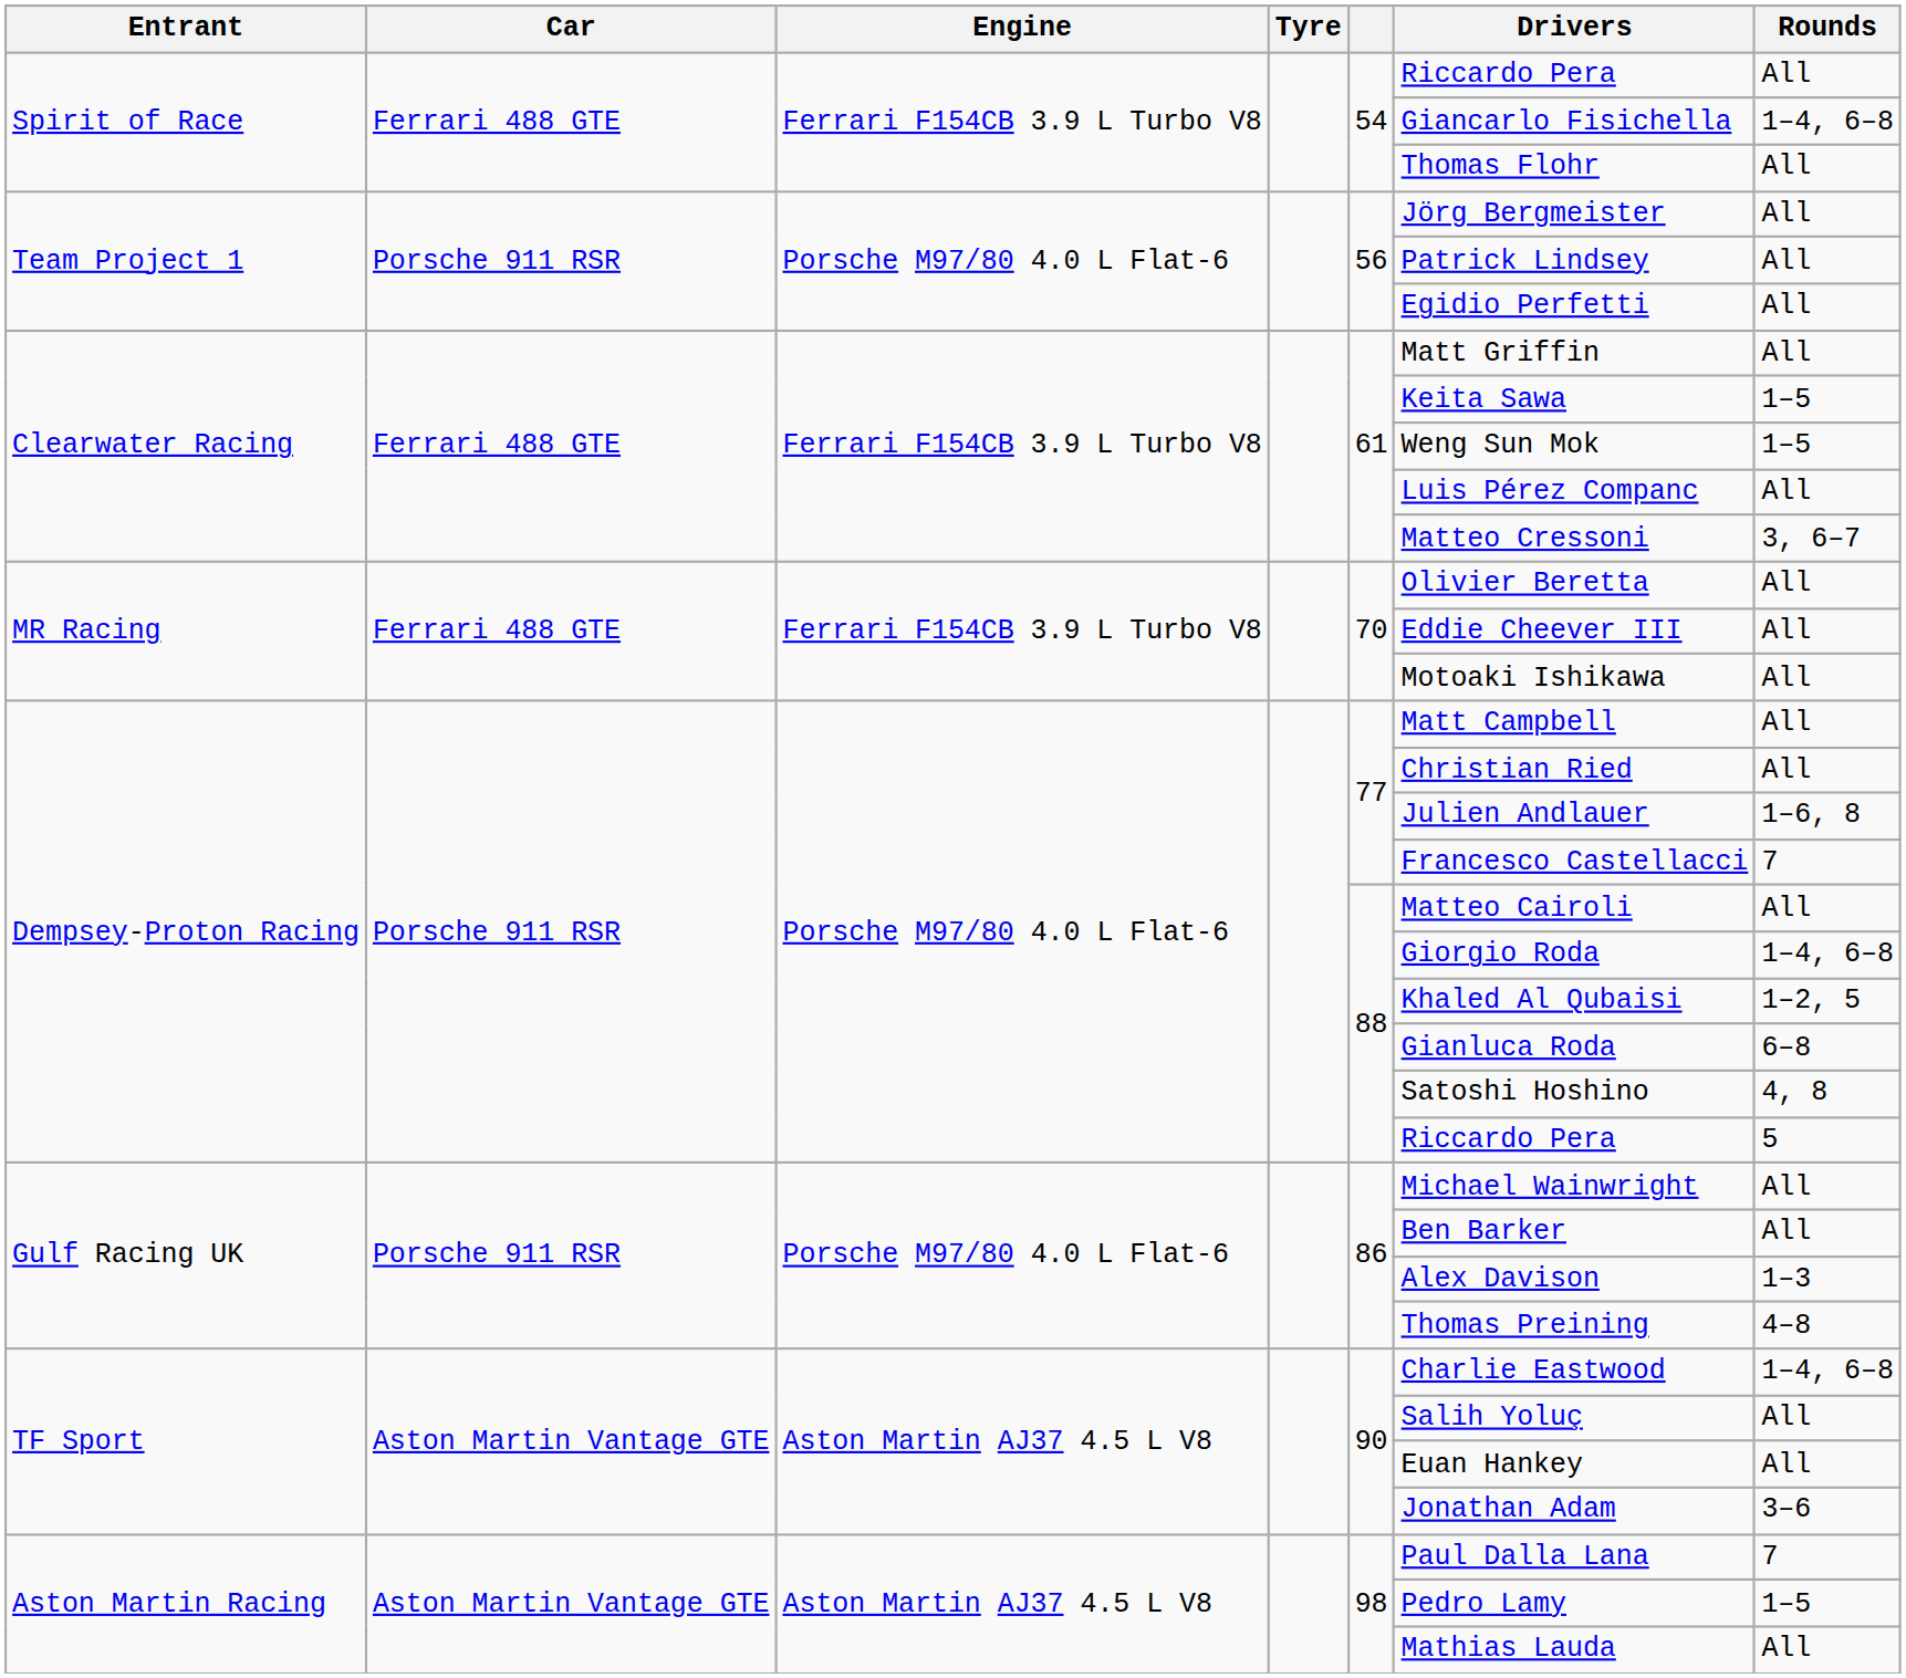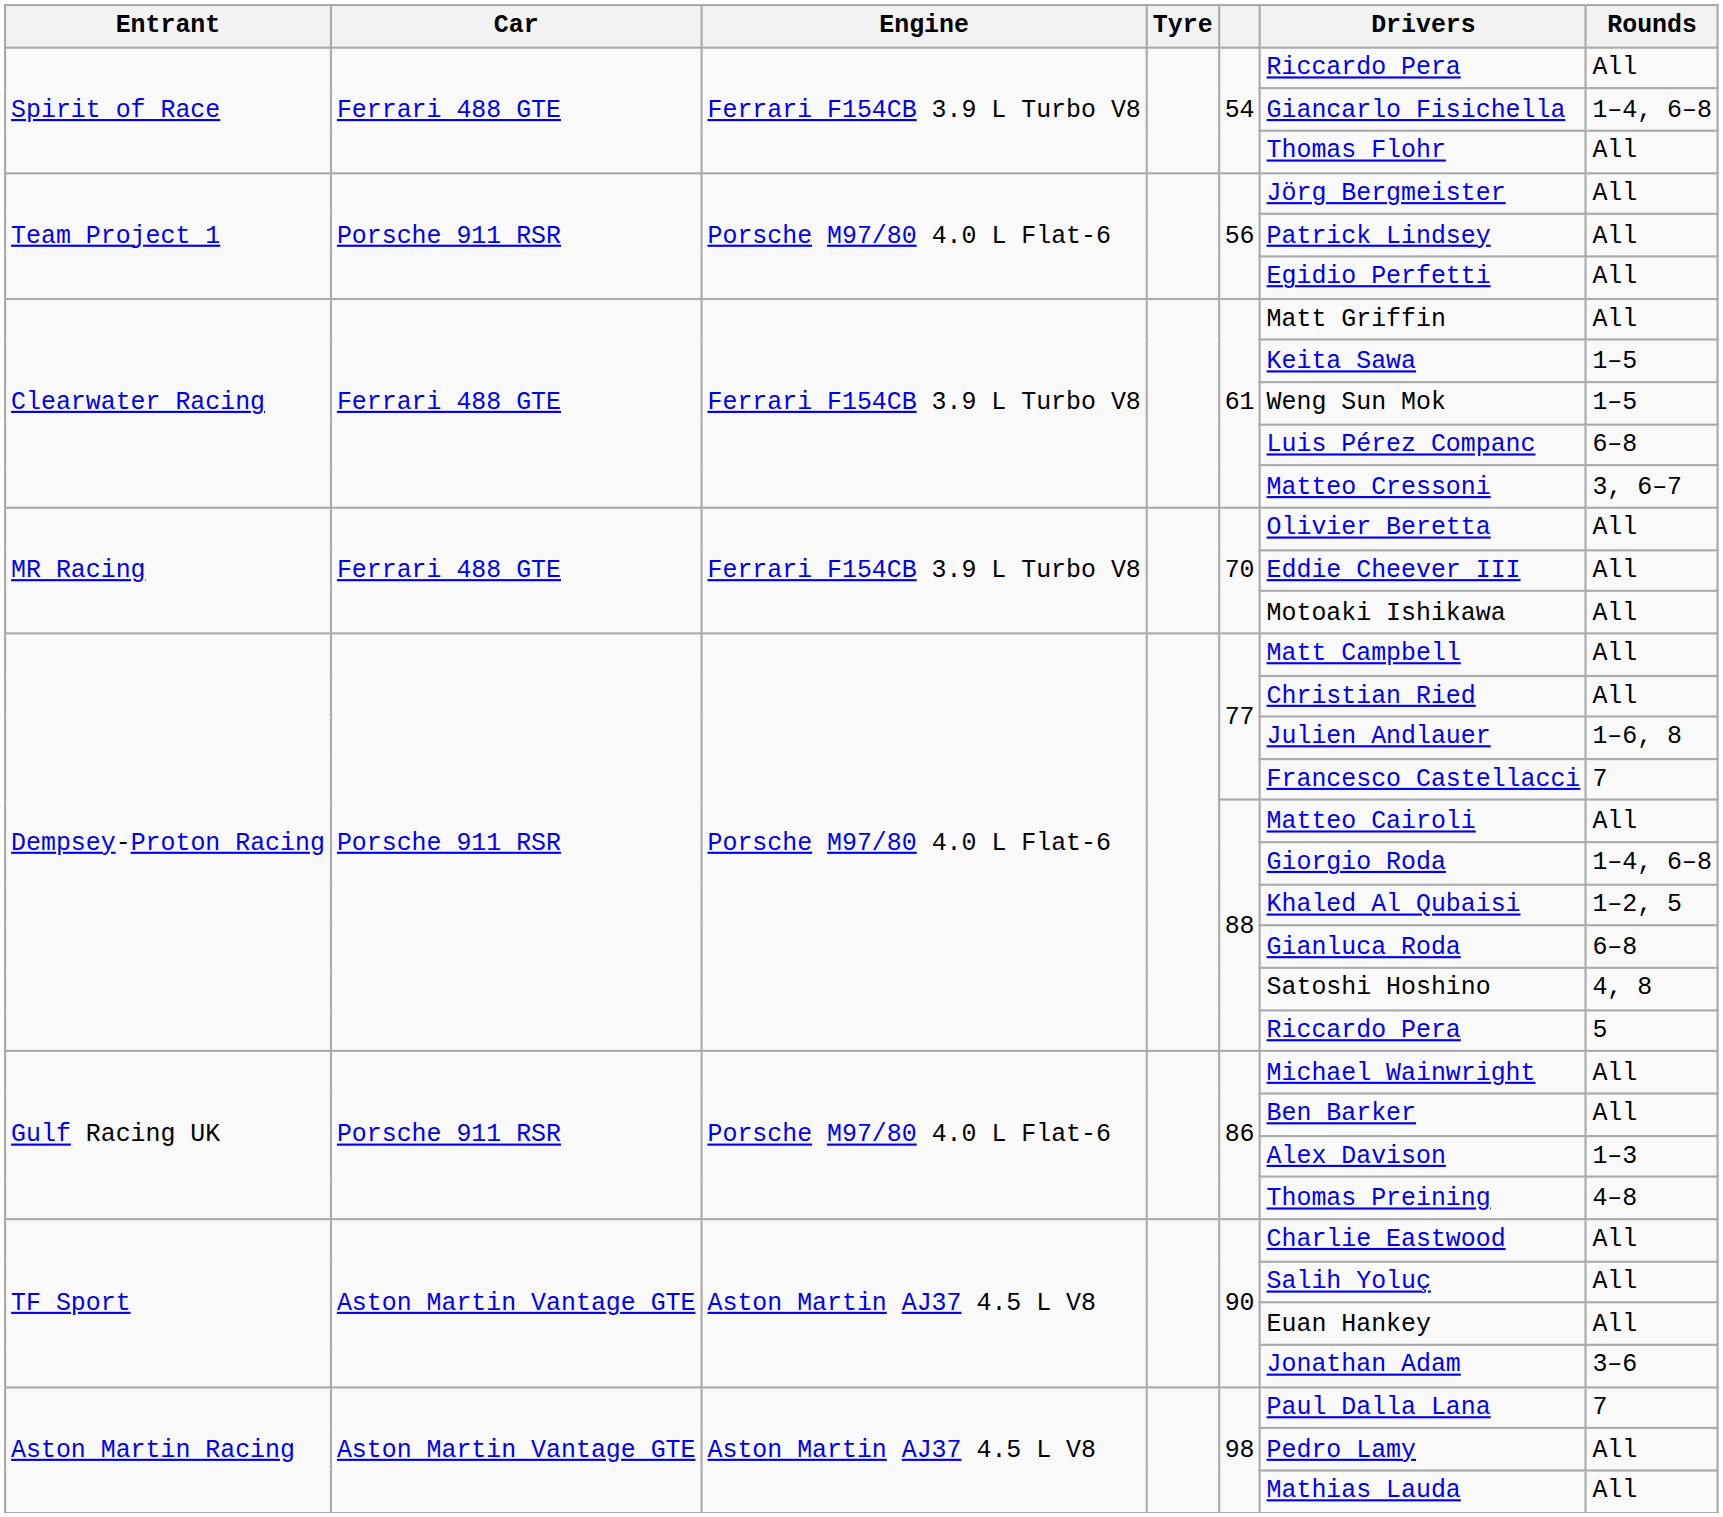 <table class="wikitable" style="font-size: 90%">
 <tr>
 <th>Entrant</th>
 <th>Car</th>
 <th>Engine</th>
 <th>Tyre</th>
 <th></th>
 <th>Drivers</th>
 <th>Rounds</th>
 </tr>
 <tr>
 <td rowspan=3> <a href='#'>Spirit of Race</a></td>
 <td rowspan=3><a href='#'>Ferrari 488 GTE</a></td>
 <td rowspan=3><a href='#'>Ferrari F154CB</a> 3.9 L Turbo V8</td>
 <td rowspan=3></td>
 <td rowspan=3>54</td>
 <td> <a href='#'>Riccardo Pera</a></td>
 <td>All</td>
 </tr>
 <tr>
 <td> <a href='#'>Giancarlo Fisichella</a></td>
 <td>1–4, 6–8</td>
 </tr>
 <tr>
 <td> <a href='#'>Thomas Flohr</a></td>
 <td>All</td>
 </tr>
 <tr>
 <td rowspan=3> <a href='#'>Team Project 1</a></td>
 <td rowspan=3><a href='#'>Porsche 911 RSR</a></td>
 <td rowspan=3><a href='#'>Porsche</a> <a href='#'>M97/80</a> 4.0 L Flat-6</td>
 <td rowspan=3></td>
 <td rowspan=3>56</td>
 <td> <a href='#'>Jörg Bergmeister</a></td>
 <td>All</td>
 </tr>
 <tr>
 <td> <a href='#'>Patrick Lindsey</a></td>
 <td>All</td>
 </tr>
 <tr>
 <td> <a href='#'>Egidio Perfetti</a></td>
 <td>All</td>
 </tr>
 <tr>
 <td rowspan=5> <a href='#'>Clearwater Racing</a></td>
 <td rowspan=5><a href='#'>Ferrari 488 GTE</a></td>
 <td rowspan=5><a href='#'>Ferrari F154CB</a> 3.9 L Turbo V8</td>
 <td rowspan=5></td>
 <td rowspan=5>61</td>
 <td> Matt Griffin</td>
 <td>All</td>
 </tr>
 <tr>
 <td> <a href='#'>Keita Sawa</a></td>
 <td>1–5</td>
 </tr>
 <tr>
 <td> Weng Sun Mok</td>
 <td>1–5</td>
 </tr>
 <tr>
 <td> <a href='#'>Luis Pérez Companc</a></td>
-<td>All</td>
+<td>6–8</td>
 </tr>
 <tr>
 <td> <a href='#'>Matteo Cressoni</a></td>
 <td>3, 6–7</td>
 </tr>
 <tr>
 <td rowspan=3> <a href='#'>MR Racing</a></td>
 <td rowspan=3><a href='#'>Ferrari 488 GTE</a></td>
 <td rowspan=3><a href='#'>Ferrari F154CB</a> 3.9 L Turbo V8</td>
 <td rowspan=3></td>
 <td rowspan=3>70</td>
 <td> <a href='#'>Olivier Beretta</a></td>
 <td>All</td>
 </tr>
 <tr>
 <td> <a href='#'>Eddie Cheever III</a></td>
 <td>All</td>
 </tr>
 <tr>
 <td> Motoaki Ishikawa</td>
 <td>All</td>
 </tr>
 <tr>
 <td rowspan=10> <a href='#'>Dempsey</a>-<a href='#'>Proton Racing</a></td>
 <td rowspan=10><a href='#'>Porsche 911 RSR</a></td>
 <td rowspan=10><a href='#'>Porsche</a> <a href='#'>M97/80</a> 4.0 L Flat-6</td>
 <td rowspan=10></td>
 <td rowspan=4>77</td>
 <td> <a href='#'>Matt Campbell</a></td>
 <td>All</td>
 </tr>
 <tr>
 <td> <a href='#'>Christian Ried</a></td>
 <td>All</td>
 </tr>
 <tr>
 <td> <a href='#'>Julien Andlauer</a></td>
 <td>1–6, 8</td>
 </tr>
 <tr>
 <td> <a href='#'>Francesco Castellacci</a></td>
 <td>7</td>
 </tr>
 <tr>
 <td rowspan=6>88</td>
 <td> <a href='#'>Matteo Cairoli</a></td>
 <td>All</td>
 </tr>
 <tr>
 <td> <a href='#'>Giorgio Roda</a></td>
 <td>1–4, 6–8</td>
 </tr>
 <tr>
 <td> <a href='#'>Khaled Al Qubaisi</a></td>
 <td>1–2, 5</td>
 </tr>
 <tr>
 <td> <a href='#'>Gianluca Roda</a></td>
 <td>6–8</td>
 </tr>
 <tr>
 <td> Satoshi Hoshino</td>
 <td>4, 8</td>
 </tr>
 <tr>
 <td> <a href='#'>Riccardo Pera</a></td>
 <td>5</td>
 </tr>
 <tr>
 <td rowspan=4> <a href='#'>Gulf</a> Racing UK</td>
 <td rowspan=4><a href='#'>Porsche 911 RSR</a></td>
 <td rowspan=4><a href='#'>Porsche</a> <a href='#'>M97/80</a> 4.0 L Flat-6</td>
 <td rowspan=4></td>
 <td rowspan=4>86</td>
 <td> <a href='#'>Michael Wainwright</a></td>
 <td>All</td>
 </tr>
 <tr>
 <td> <a href='#'>Ben Barker</a></td>
 <td>All</td>
 </tr>
 <tr>
 <td> <a href='#'>Alex Davison</a></td>
 <td>1–3</td>
 </tr>
 <tr>
 <td> <a href='#'>Thomas Preining</a></td>
 <td>4–8</td>
 </tr>
 <tr>
 <td rowspan=4> <a href='#'>TF Sport</a></td>
 <td rowspan=4><a href='#'>Aston Martin Vantage GTE</a></td>
 <td rowspan=4><a href='#'>Aston Martin</a> <a href='#'>AJ37</a> 4.5 L V8</td>
 <td rowspan=4></td>
 <td rowspan=4>90</td>
 <td> <a href='#'>Charlie Eastwood</a></td>
-<td>1–4, 6–8</td>
+<td>All</td>
 </tr>
 <tr>
 <td> <a href='#'>Salih Yoluç</a></td>
 <td>All</td>
 </tr>
 <tr>
 <td> Euan Hankey</td>
 <td>All</td>
 </tr>
 <tr>
 <td> <a href='#'>Jonathan Adam</a></td>
 <td>3–6</td>
 </tr>
 <tr>
 <td rowspan=3> <a href='#'>Aston Martin Racing</a></td>
 <td rowspan=3><a href='#'>Aston Martin Vantage GTE</a></td>
 <td rowspan=3><a href='#'>Aston Martin</a> <a href='#'>AJ37</a> 4.5 L V8</td>
 <td rowspan=3></td>
 <td rowspan=3>98</td>
 <td> <a href='#'>Paul Dalla Lana</a></td>
 <td>7</td>
 </tr>
 <tr>
 <td> <a href='#'>Pedro Lamy</a></td>
-<td>1–5</td>
+<td>All</td>
 </tr>
 <tr>
 <td> <a href='#'>Mathias Lauda</a></td>
 <td>All</td>
 </tr>
 <tr>
 </tr>
 </table>
